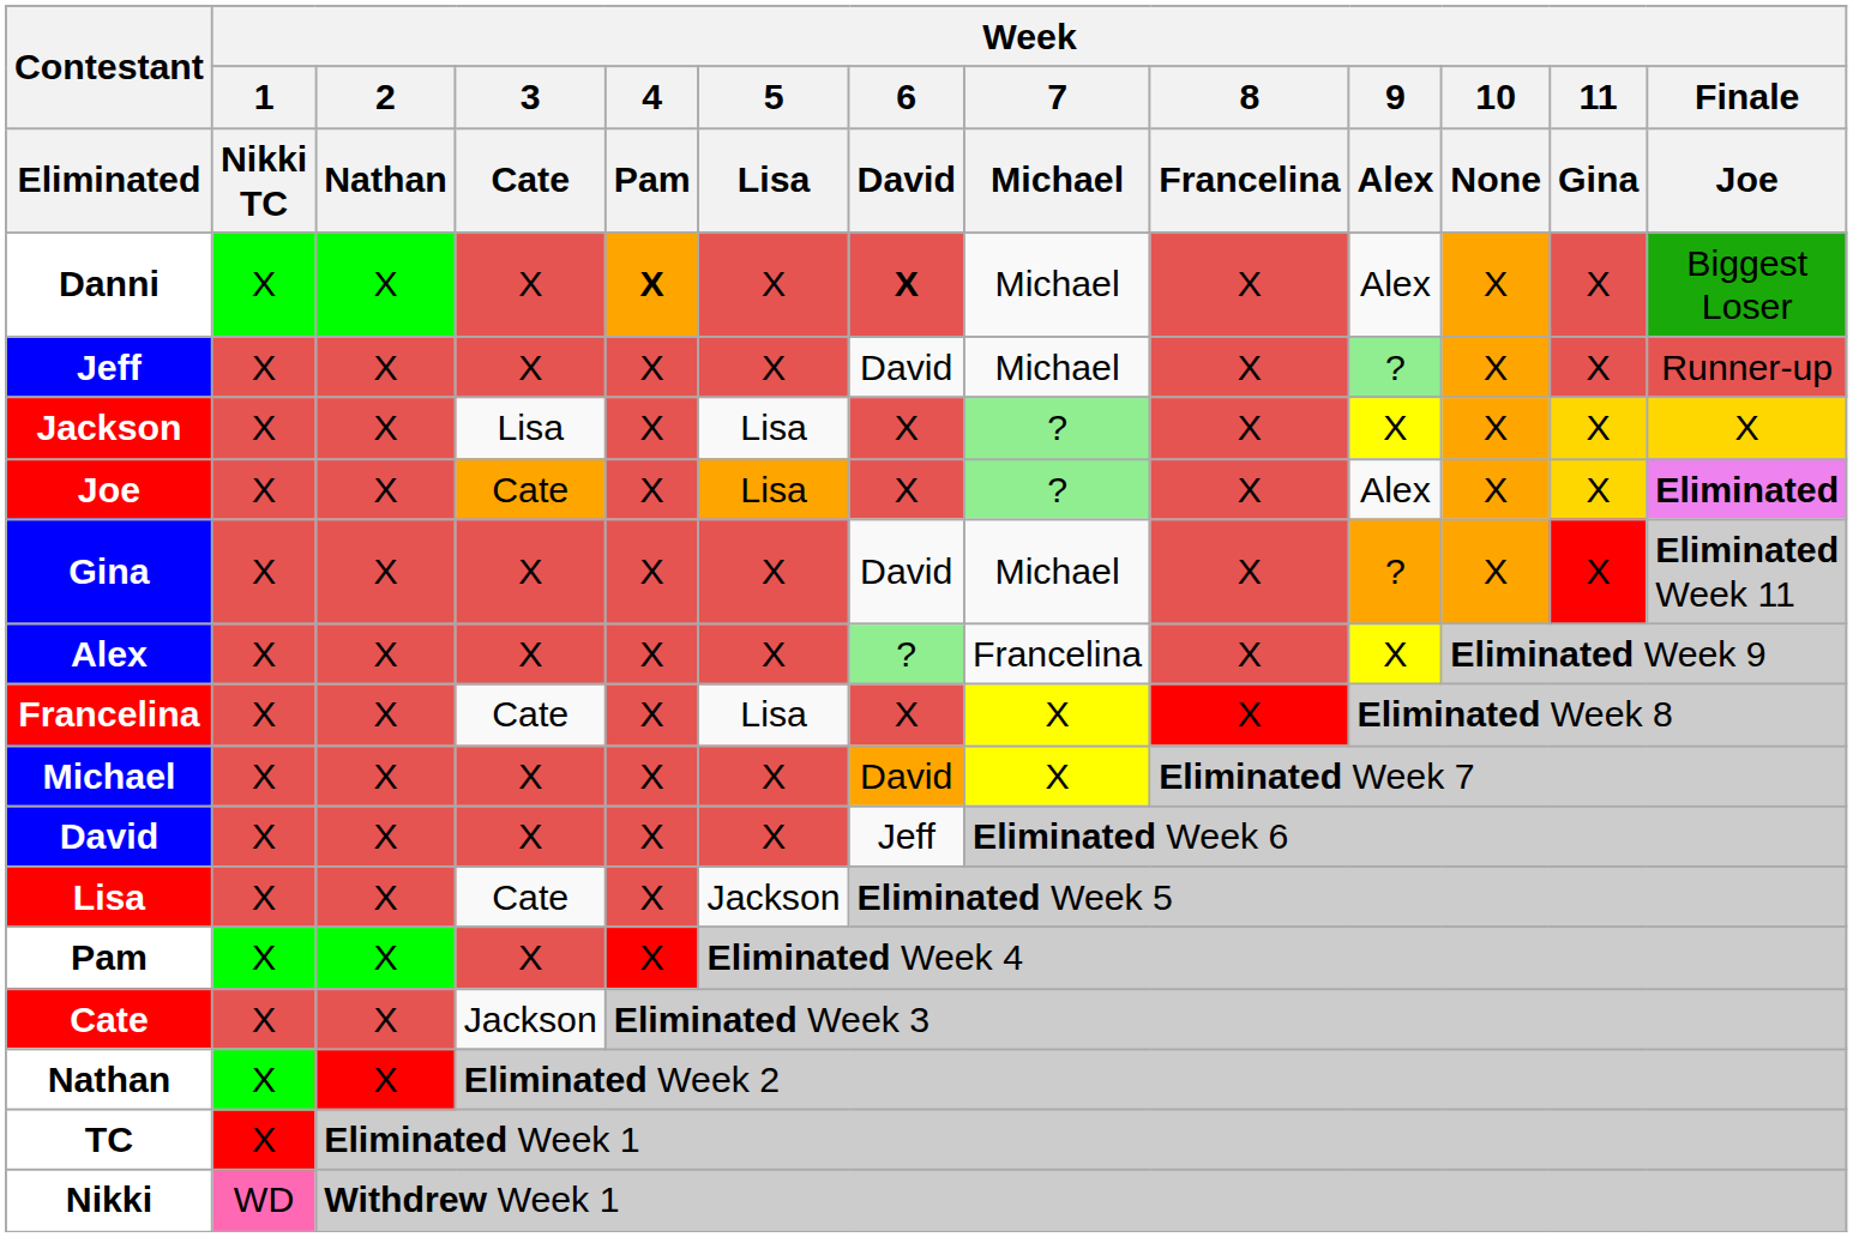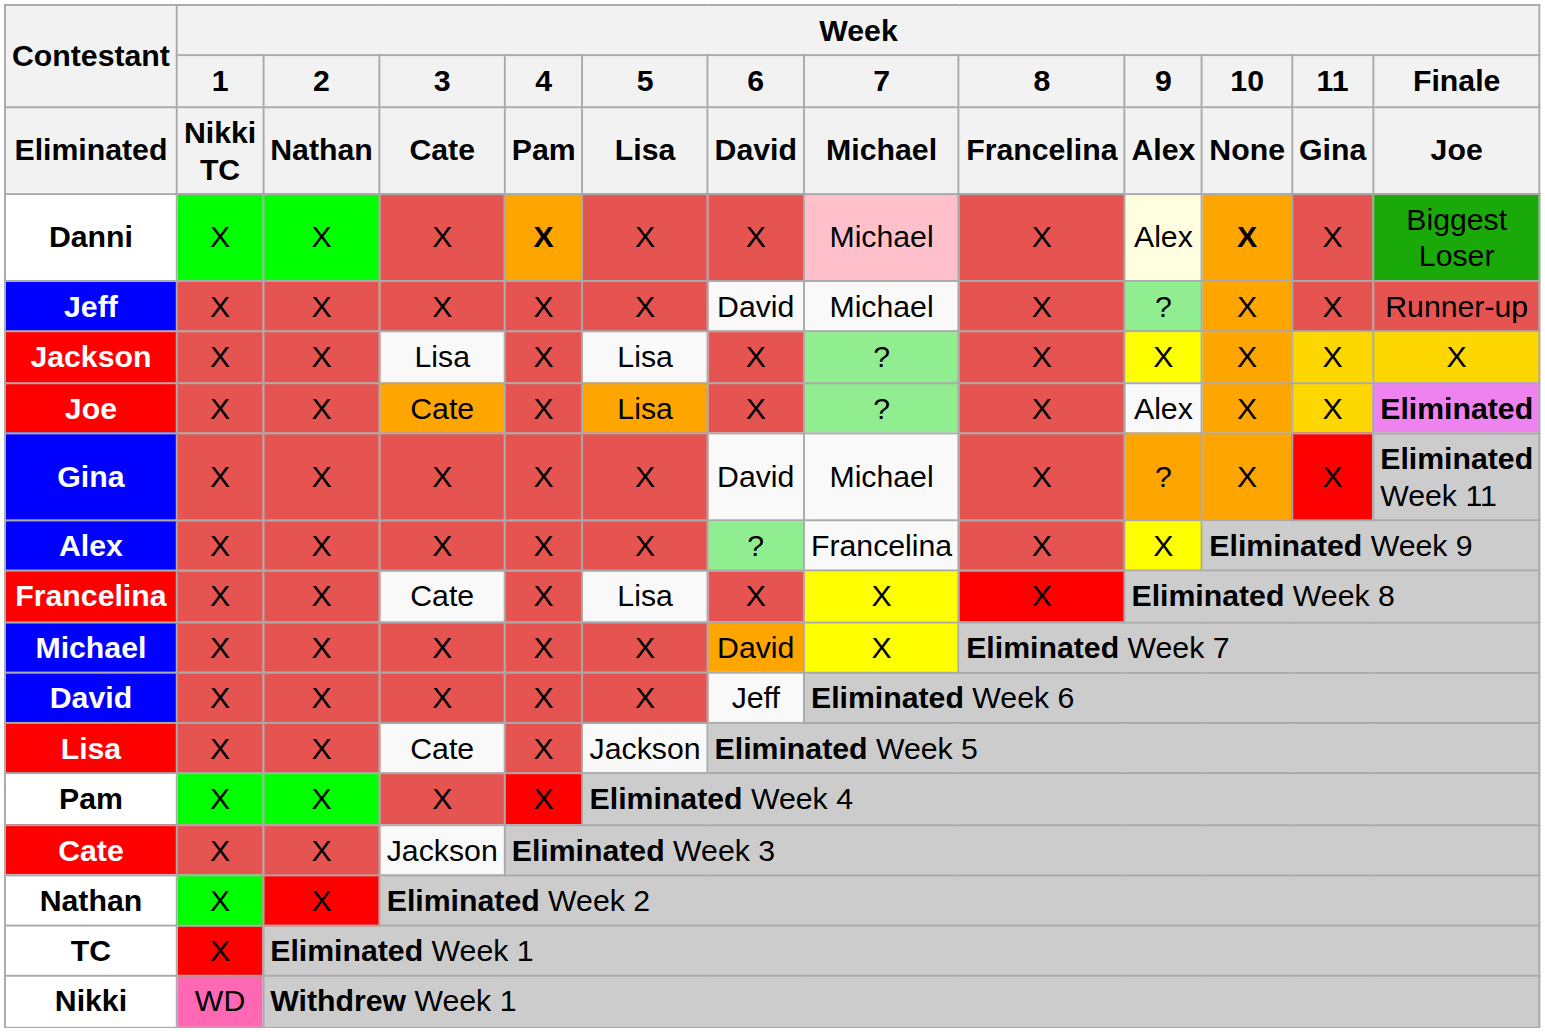 <table class="wikitable" align="center" style="text-align:center; font-size:98%; line-height:19px">
 <tr>
 <th rowspan="2">Contestant</th>
 <th colspan="12">Week</th>
 </tr>
 <tr>
 <th>1</th>
 <th>2</th>
 <th>3</th>
 <th>4</th>
 <th>5</th>
 <th>6</th>
 <th>7</th>
 <th>8</th>
 <th>9</th>
 <th>10</th>
 <th>11</th>
 <th>Finale</th>
 </tr>
 <tr>
 <th>Eliminated</th>
 <th>Nikki <br> TC</th>
 <th>Nathan</th>
 <th>Cate</th>
 <th>Pam</th>
 <th>Lisa</th>
 <th>David</th>
 <th>Michael</th>
 <th>Francelina</th>
 <th>Alex</th>
 <th>None</th>
 <th>Gina</th>
 <th>Joe</th>
 </tr>
 <tr>
 <td style="background:white;color:black;"><strong>Danni</strong></td>
 <td style="background:lime;">X</td>
 <td style="background:lime;">X</td>
 <td style="background:#e55451;">X</td>
 <td style="background:orange;"><strong>X</strong></td>
 <td style="background:#e55451;">X</td>
-<td style="background:#e55451;"><strong>X</strong></td>
-<td>Michael</td>
 <td style="background:#e55451;">X</td>
-<td>Alex</td>
-<td style="background:orange;">X</td>
+<td style="background: pink;">Michael</td>
+<td style="background:#e55451;">X</td>
+<td style="background: lightyellow;">Alex</td>
+<td style="background:orange;"><strong>X</strong></td>
 <td style="background:#e55451;">X</td>
 <td style="background:#19aa09;">Biggest Loser</td>
 </tr>
 <tr>
 <td style="background:blue;color:white;"><strong>Jeff</strong></td>
 <td style="background:#e55451;">X</td>
 <td style="background:#e55451;">X</td>
 <td style="background:#e55451;">X</td>
 <td style="background:#e55451;">X</td>
 <td style="background:#e55451;">X</td>
 <td>David</td>
 <td>Michael</td>
 <td style="background:#e55451;">X</td>
 <td style="background:lightgreen;">?</td>
 <td style="background:orange;">X</td>
 <td style="background:#e55451;">X</td>
 <td style="background:#e55451;">Runner-up</td>
 </tr>
 <tr>
 <td style="background:red;color:white;"><strong>Jackson</strong></td>
 <td style="background:#e55451;">X</td>
 <td style="background:#e55451;">X</td>
 <td>Lisa</td>
 <td style="background:#e55451;">X</td>
 <td>Lisa</td>
 <td style="background:#e55451;">X</td>
 <td style="background:lightgreen;">?</td>
 <td style="background:#e55451;">X</td>
 <td style="background:yellow;">X</td>
 <td style="background:orange;">X</td>
 <td style="background:gold">X</td>
 <td style="background:gold;">X</td>
 </tr>
 <tr>
 <td style="background:red;color:white;"><strong>Joe</strong></td>
 <td style="background:#e55451;">X</td>
 <td style="background:#e55451;">X</td>
 <td style="background:orange;">Cate</td>
 <td style="background:#e55451;">X</td>
 <td style="background:orange;">Lisa</td>
 <td style="background:#e55451;">X</td>
 <td style="background:lightgreen;">?</td>
 <td style="background:#e55451;">X</td>
 <td>Alex</td>
 <td style="background:orange;">X</td>
 <td style="background:gold">X</td>
 <td style="background:violet;"><strong>Eliminated</strong></td>
 </tr>
 <tr>
 <td style="background:blue;color:white;"><strong>Gina</strong></td>
 <td style="background:#e55451;">X</td>
 <td style="background:#e55451;">X</td>
 <td style="background:#e55451;">X</td>
 <td style="background:#e55451;">X</td>
 <td style="background:#e55451;">X</td>
 <td>David</td>
 <td>Michael</td>
 <td style="background:#e55451;">X</td>
 <td style="background:orange;">?</td>
 <td style="background:orange;">X</td>
 <td style="background:red;">X</td>
 <td colspan="5" style="background:#ccc; text-align:left;"><strong>Eliminated</strong> Week 11</td>
 </tr>
 <tr>
 <td style="background:blue;color:white;"><strong>Alex</strong></td>
 <td style="background:#e55451;">X</td>
 <td style="background:#e55451;">X</td>
 <td style="background:#e55451;">X</td>
 <td style="background:#e55451;">X</td>
 <td style="background:#e55451;">X</td>
 <td style="background:lightgreen;">?</td>
 <td>Francelina</td>
 <td style="background:#e55451;">X</td>
 <td style="background:yellow;">X</td>
 <td colspan="7" style="background:#ccc; text-align:left;"><strong>Eliminated</strong> Week 9</td>
 </tr>
 <tr>
 <td style="background:red;color:white;"><strong>Francelina</strong></td>
 <td style="background:#e55451;">X</td>
 <td style="background:#e55451;">X</td>
 <td>Cate</td>
 <td style="background:#e55451;">X</td>
 <td>Lisa</td>
 <td style="background:#e55451;">X</td>
 <td style="background:yellow;">X</td>
 <td style="background:red;">X</td>
 <td colspan="7" style="background:#ccc; text-align:left;"><strong>Eliminated</strong> Week 8</td>
 </tr>
 <tr>
 <td style="background:blue;color:white;"><strong>Michael</strong></td>
 <td style="background:#e55451;">X</td>
 <td style="background:#e55451;">X</td>
 <td style="background:#e55451;">X</td>
 <td style="background:#e55451;">X</td>
 <td style="background:#e55451;">X</td>
 <td style="background:orange;">David</td>
 <td style="background:yellow;">X</td>
 <td colspan="9" style="background:#ccc; text-align:left;"><strong>Eliminated</strong> Week 7</td>
 </tr>
 <tr>
 <td style="background:blue;color:white;"><strong>David</strong></td>
 <td style="background:#e55451;">X</td>
 <td style="background:#e55451;">X</td>
 <td style="background:#e55451;">X</td>
 <td style="background:#e55451;">X</td>
 <td style="background:#e55451;">X</td>
 <td>Jeff</td>
 <td colspan="11" style="background:#ccc; text-align:left;"><strong>Eliminated</strong> Week 6</td>
 </tr>
 <tr>
 <td style="background:red;color:white;"><strong>Lisa</strong></td>
 <td style="background:#e55451;">X</td>
 <td style="background:#e55451;">X</td>
 <td>Cate</td>
 <td style="background:#e55451;">X</td>
 <td>Jackson</td>
 <td colspan="12" style="background:#ccc; text-align:left;"><strong>Eliminated</strong> Week 5</td>
 </tr>
 <tr>
 <td style="background:white;color:black;"><strong>Pam</strong></td>
 <td style="background:lime;">X</td>
 <td style="background:lime;">X</td>
 <td style="background:#e55451;">X</td>
 <td style="background:red;">X</td>
 <td colspan="13" style="background:#ccc; text-align:left;"><strong>Eliminated</strong> Week 4</td>
 </tr>
 <tr>
 <td style="background:red;color:white;"><strong>Cate</strong></td>
 <td style="background:#e55451;">X</td>
 <td style="background:#e55451;">X</td>
 <td>Jackson</td>
 <td colspan="12" style="background:#ccc; text-align:left;"><strong>Eliminated</strong> Week 3</td>
 </tr>
 <tr>
 <td style="background:white;color:black;"><strong>Nathan</strong></td>
 <td style="background:lime;">X</td>
 <td style="background:red;">X</td>
 <td colspan="13" style="background:#ccc; text-align:left;"><strong>Eliminated</strong> Week 2</td>
 </tr>
 <tr>
 <td style="background:white;color:black;"><strong>TC</strong></td>
 <td style="background:red;">X</td>
 <td colspan="14" style="background:#ccc; text-align:left;"><strong>Eliminated</strong> Week 1</td>
 </tr>
 <tr>
 <td style="background:white;color:black;"><strong>Nikki</strong></td>
 <td style="background:hotpink;">WD</td>
 <td colspan="14" style="background:#ccc; text-align:left;"><strong>Withdrew</strong> Week 1</td>
 </tr>
 <tr>
 </tr>
 </table>
